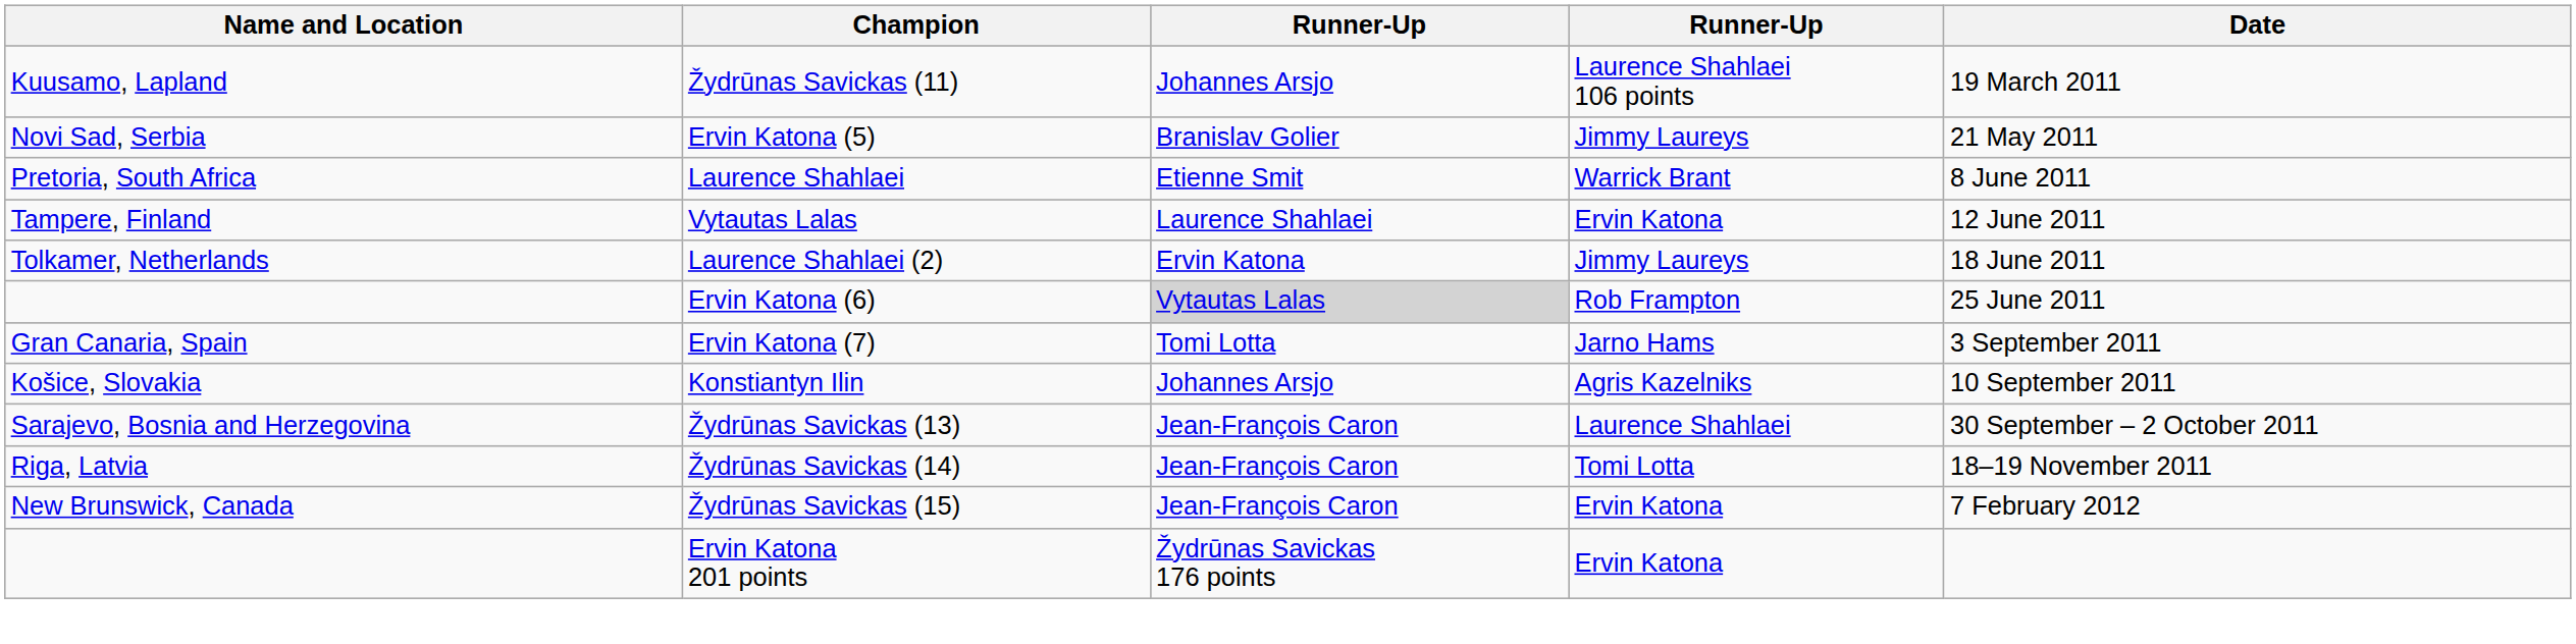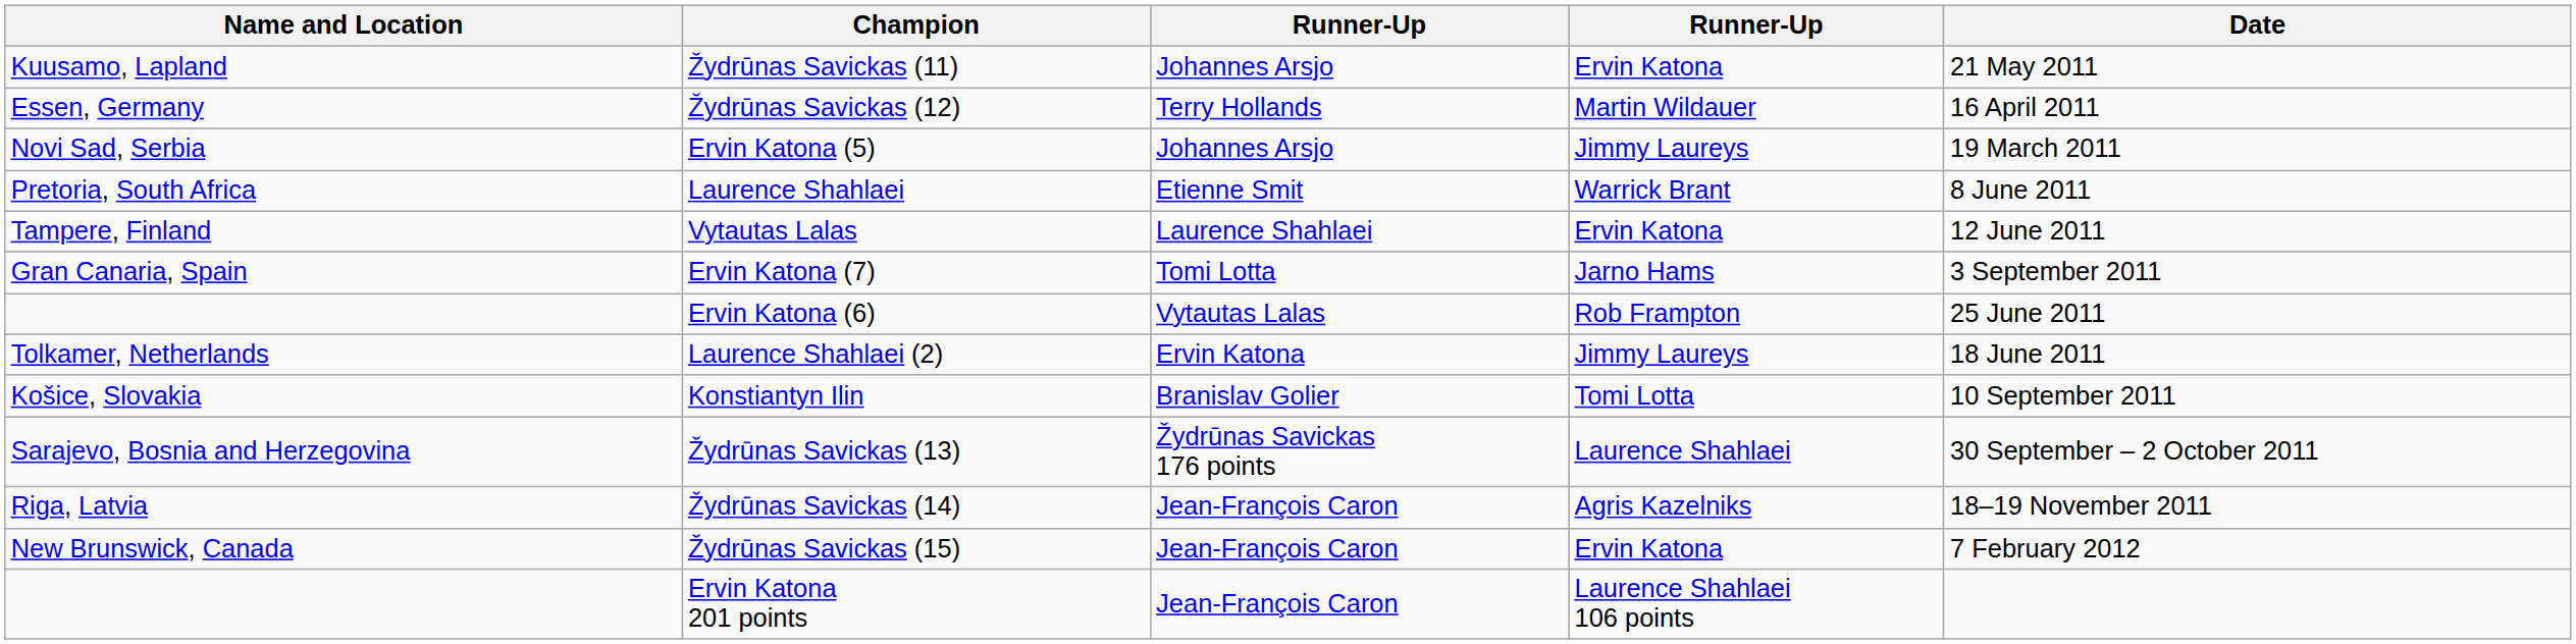 <table class="wikitable" style="display: inline-table;width: 100%;">
 <tr>
 <th scope="col">Name and Location</th>
 <th scope="col">Champion</th>
 <th scope="col">Runner-Up</th>
 <th scope="col">Runner-Up</th>
 <th scope="col">Date</th>
 </tr>
 <tr>
 <td> <a href='#'>Kuusamo</a>, <a href='#'>Lapland</a> <br></td>
 <td> <a href='#'>Žydrūnas Savickas</a> (11)</td>
 <td> <a href='#'>Johannes Arsjo</a></td>
-<td> <a href='#'>Laurence Shahlaei</a><br>  106 points</td>
-<td>19 March 2011</td>
+<td> <a href='#'>Ervin Katona</a></td>
+<td>21 May 2011</td>
+</tr>
+<tr>
+<td> <a href='#'>Essen</a>, <a href='#'>Germany</a> <br></td>
+<td> <a href='#'>Žydrūnas Savickas</a> (12)</td>
+<td> <a href='#'>Terry Hollands</a></td>
+<td> <a href='#'>Martin Wildauer</a></td>
+<td>16 April 2011</td>
 </tr>
 <tr>
 <td> <a href='#'>Novi Sad</a>, <a href='#'>Serbia</a><br> </td>
 <td> <a href='#'>Ervin Katona</a> (5)</td>
-<td> <a href='#'>Branislav Golier</a></td>
+<td> <a href='#'>Johannes Arsjo</a></td>
 <td> <a href='#'>Jimmy Laureys</a></td>
-<td>21 May 2011</td>
+<td>19 March 2011</td>
 </tr>
 <tr>
 <td> <a href='#'>Pretoria</a>, <a href='#'>South Africa</a><br> </td>
 <td> <a href='#'>Laurence Shahlaei</a></td>
 <td> <a href='#'>Etienne Smit</a></td>
 <td> <a href='#'>Warrick Brant</a></td>
 <td>8 June 2011</td>
 </tr>
 <tr>
 <td> <a href='#'>Tampere</a>, <a href='#'>Finland</a><br> </td>
 <td> <a href='#'>Vytautas Lalas</a></td>
 <td> <a href='#'>Laurence Shahlaei</a></td>
 <td> <a href='#'>Ervin Katona</a></td>
 <td>12 June 2011</td>
 </tr>
 <tr>
+<td> <a href='#'>Gran Canaria</a>, <a href='#'>Spain</a><br> </td>
+<td> <a href='#'>Ervin Katona</a> (7)</td>
+<td> <a href='#'>Tomi Lotta</a></td>
+<td> <a href='#'>Jarno Hams</a></td>
+<td>3 September 2011</td>
+</tr>
+<tr>
+<td><br> </td>
+<td> <a href='#'>Ervin Katona</a> (6)</td>
+<td> <a href='#'>Vytautas Lalas</a></td>
+<td> <a href='#'>Rob Frampton</a></td>
+<td>25 June 2011</td>
+</tr>
+<tr>
 <td> <a href='#'>Tolkamer</a>, <a href='#'>Netherlands</a><br> </td>
 <td> <a href='#'>Laurence Shahlaei</a> (2)</td>
 <td> <a href='#'>Ervin Katona</a></td>
 <td> <a href='#'>Jimmy Laureys</a></td>
 <td>18 June 2011</td>
 </tr>
 <tr>
-<td><br> </td>
-<td> <a href='#'>Ervin Katona</a> (6)</td>
-<td style="background: lightgrey;"> <a href='#'>Vytautas Lalas</a></td>
-<td> <a href='#'>Rob Frampton</a></td>
-<td>25 June 2011</td>
-</tr>
-<tr>
-<td> <a href='#'>Gran Canaria</a>, <a href='#'>Spain</a><br> </td>
-<td> <a href='#'>Ervin Katona</a> (7)</td>
-<td> <a href='#'>Tomi Lotta</a></td>
-<td> <a href='#'>Jarno Hams</a></td>
-<td>3 September 2011</td>
-</tr>
-<tr>
 <td> <a href='#'>Košice</a>, <a href='#'>Slovakia</a><br> </td>
 <td> <a href='#'>Konstiantyn Ilin</a></td>
-<td> <a href='#'>Johannes Arsjo</a></td>
-<td> <a href='#'>Agris Kazelniks</a></td>
+<td> <a href='#'>Branislav Golier</a></td>
+<td> <a href='#'>Tomi Lotta</a></td>
 <td>10 September 2011</td>
 </tr>
 <tr>
 <td> <a href='#'>Sarajevo</a>, <a href='#'>Bosnia and Herzegovina</a><br></td>
 <td> <a href='#'>Žydrūnas Savickas</a> (13)</td>
-<td> <a href='#'>Jean-François Caron</a></td>
+<td> <a href='#'>Žydrūnas Savickas</a><br>  176 points</td>
 <td> <a href='#'>Laurence Shahlaei</a></td>
 <td>30 September – 2 October 2011</td>
 </tr>
 <tr>
 <td> <a href='#'>Riga</a>, <a href='#'>Latvia</a><br> </td>
 <td> <a href='#'>Žydrūnas Savickas</a> (14)</td>
 <td> <a href='#'>Jean-François Caron</a></td>
-<td> <a href='#'>Tomi Lotta</a></td>
+<td> <a href='#'>Agris Kazelniks</a></td>
 <td>18–19 November 2011</td>
 </tr>
 <tr>
 <td> <a href='#'>New Brunswick</a>, <a href='#'>Canada</a> <br> </td>
 <td> <a href='#'>Žydrūnas Savickas</a> (15)</td>
 <td> <a href='#'>Jean-François Caron</a></td>
 <td> <a href='#'>Ervin Katona</a></td>
 <td>7 February 2012</td>
 </tr>
 <tr>
 <td></td>
 <td> <a href='#'>Ervin Katona</a><br>  201 points</td>
-<td> <a href='#'>Žydrūnas Savickas</a><br>  176 points</td>
-<td> <a href='#'>Ervin Katona</a></td>
+<td> <a href='#'>Jean-François Caron</a></td>
+<td> <a href='#'>Laurence Shahlaei</a><br>  106 points</td>
 <td></td>
 </tr>
 </table>
